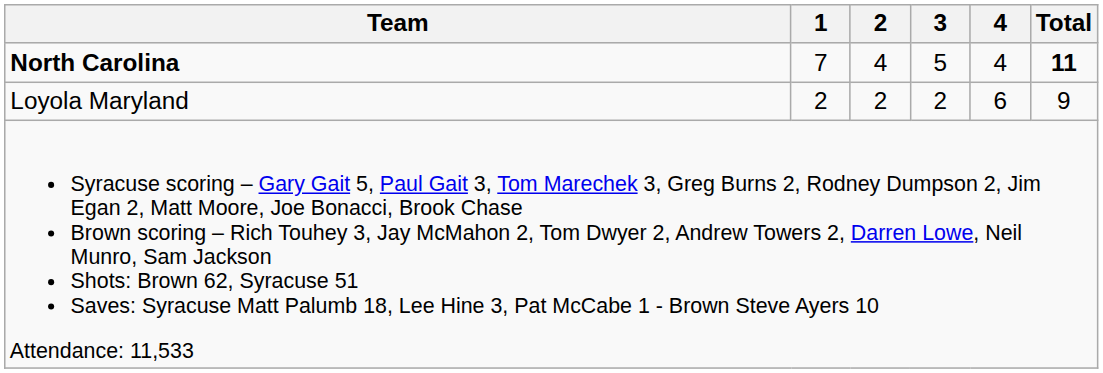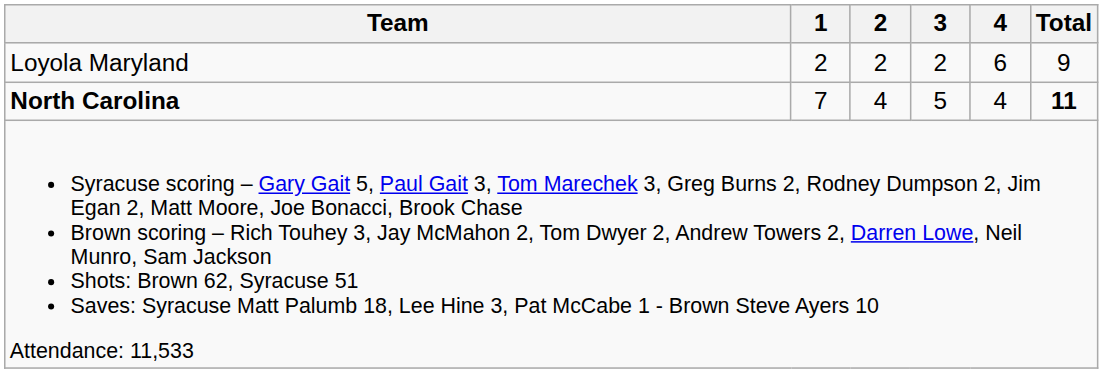 <table class="wikitable" style="text-align:center; max-width:45em">
 <tr>
 <th>Team</th>
 <th style="width:2em">1</th>
 <th style="width:2em">2</th>
 <th style="width:2em">3</th>
 <th style="width:2em">4</th>
 <th style="width:2em">Total</th>
 </tr>
 <tr>
+<td style="text-align:left">Loyola Maryland</td>
+<td>2</td>
+<td>2</td>
+<td>2</td>
+<td>6</td>
+<td>9</td>
+</tr>
+<tr>
 <td style="text-align:left"><strong>North Carolina</strong></td>
 <td>7</td>
 <td>4</td>
 <td>5</td>
 <td>4</td>
 <td><strong>11</strong></td>
 </tr>
 <tr>
-<td style="text-align:left">Loyola Maryland</td>
-<td>2</td>
-<td>2</td>
-<td>2</td>
-<td>6</td>
-<td>9</td>
-</tr>
-<tr>
 <td colspan=6 style="text-align:left; font-size:88%;"><br><ul><li>Syracuse scoring – <a href='#'>Gary Gait</a> 5, <a href='#'>Paul Gait</a> 3, <a href='#'>Tom Marechek</a> 3, Greg Burns 2, Rodney Dumpson 2, Jim Egan 2, Matt Moore, Joe Bonacci, Brook Chase</li><li>Brown scoring – Rich Touhey 3, Jay McMahon 2, Tom Dwyer 2, Andrew Towers 2, <a href='#'>Darren Lowe</a>, Neil Munro, Sam Jackson</li><li>Shots: Brown 62, Syracuse 51</li><li>Saves: Syracuse Matt Palumb 18, Lee Hine 3, Pat McCabe 1 - Brown Steve Ayers 10</li></ul>Attendance: 11,533 </td>
 </tr>
 </table>
